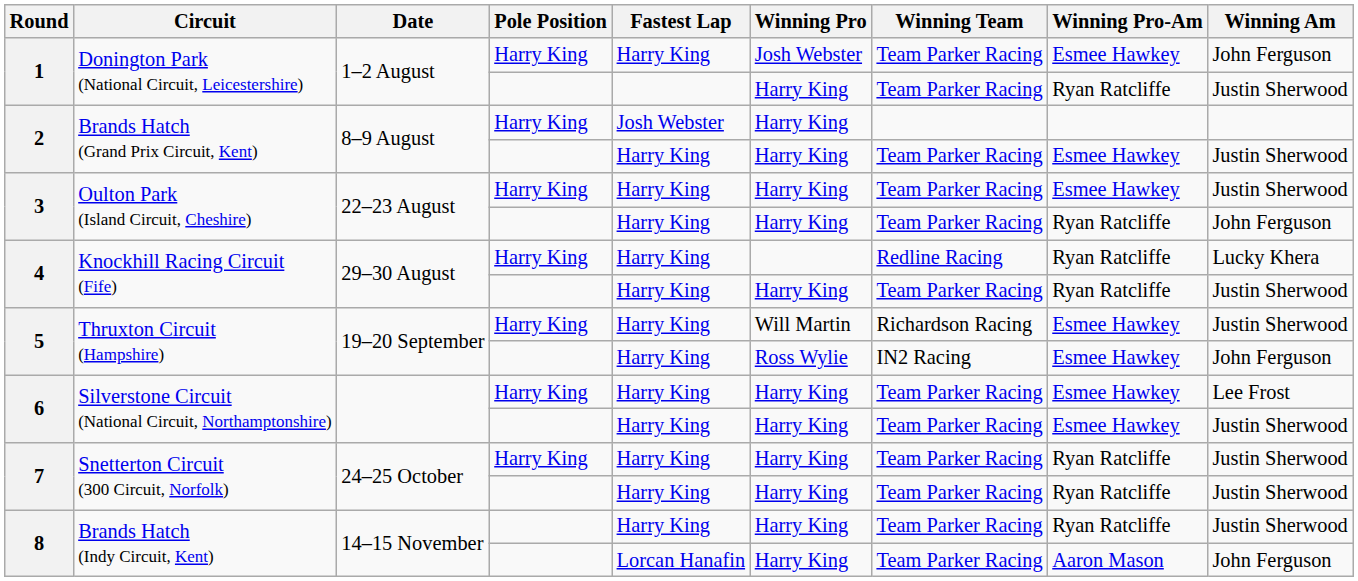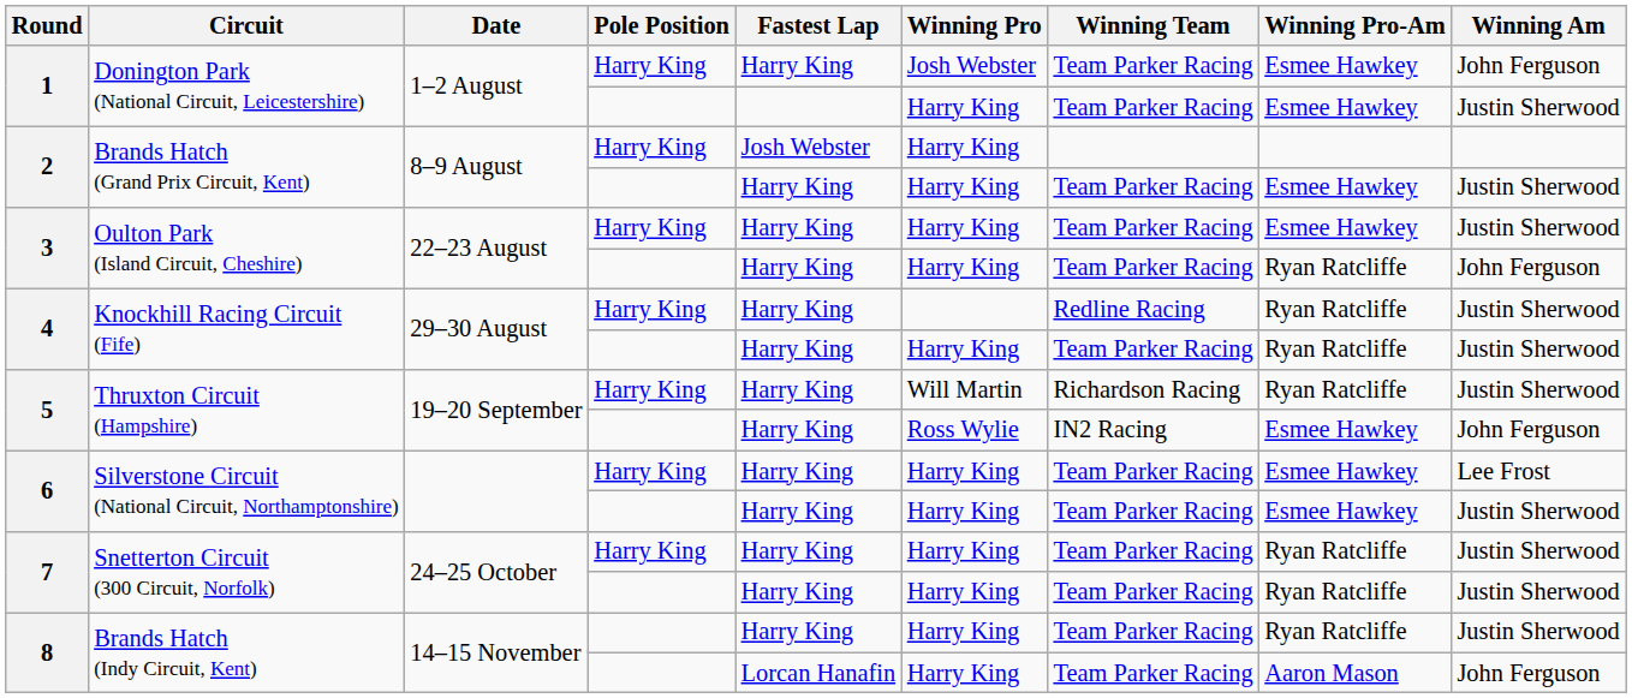 <table class="wikitable" style="font-size: 85%">
 <tr>
 <th>Round</th>
 <th>Circuit</th>
 <th>Date</th>
 <th>Pole Position</th>
 <th>Fastest Lap</th>
 <th>Winning Pro</th>
 <th>Winning Team</th>
 <th>Winning Pro-Am</th>
 <th>Winning Am</th>
 </tr>
 <tr>
 <th rowspan=2>1</th>
 <td rowspan=2><a href='#'>Donington Park</a><br><small>(National Circuit, <a href='#'>Leicestershire</a>)</small></td>
 <td rowspan=2>1–2 August</td>
 <td> <a href='#'>Harry King</a></td>
 <td> <a href='#'>Harry King</a></td>
 <td> <a href='#'>Josh Webster</a></td>
 <td><a href='#'>Team Parker Racing</a></td>
 <td> <a href='#'>Esmee Hawkey</a></td>
 <td> John Ferguson</td>
 </tr>
 <tr>
 <td></td>
 <td></td>
 <td> <a href='#'>Harry King</a></td>
 <td><a href='#'>Team Parker Racing</a></td>
-<td> Ryan Ratcliffe</td>
+<td> <a href='#'>Esmee Hawkey</a></td>
 <td> Justin Sherwood</td>
 </tr>
 <tr>
 <th rowspan=2>2</th>
 <td rowspan=2><a href='#'>Brands Hatch</a><br><small>(Grand Prix Circuit, <a href='#'>Kent</a>)</small></td>
 <td rowspan=2>8–9 August</td>
 <td> <a href='#'>Harry King</a></td>
 <td> <a href='#'>Josh Webster</a></td>
 <td> <a href='#'>Harry King</a></td>
 <td></td>
 <td></td>
 <td></td>
 </tr>
 <tr>
 <td></td>
 <td> <a href='#'>Harry King</a></td>
 <td> <a href='#'>Harry King</a></td>
 <td><a href='#'>Team Parker Racing</a></td>
 <td> <a href='#'>Esmee Hawkey</a></td>
 <td> Justin Sherwood</td>
 </tr>
 <tr>
 <th rowspan=2>3</th>
 <td rowspan=2><a href='#'>Oulton Park</a><br><small>(Island Circuit, <a href='#'>Cheshire</a>)</small></td>
 <td rowspan=2>22–23 August</td>
 <td> <a href='#'>Harry King</a></td>
 <td> <a href='#'>Harry King</a></td>
 <td> <a href='#'>Harry King</a></td>
 <td><a href='#'>Team Parker Racing</a></td>
 <td> <a href='#'>Esmee Hawkey</a></td>
 <td> Justin Sherwood</td>
 </tr>
 <tr>
 <td></td>
 <td> <a href='#'>Harry King</a></td>
 <td> <a href='#'>Harry King</a></td>
 <td><a href='#'>Team Parker Racing</a></td>
 <td> Ryan Ratcliffe</td>
 <td> John Ferguson</td>
 </tr>
 <tr>
 <th rowspan=2>4</th>
 <td rowspan=2><a href='#'>Knockhill Racing Circuit</a><br><small>(<a href='#'>Fife</a>)</small></td>
 <td rowspan=2>29–30 August</td>
 <td> <a href='#'>Harry King</a></td>
 <td> <a href='#'>Harry King</a></td>
 <td></td>
 <td><a href='#'>Redline Racing</a></td>
 <td> Ryan Ratcliffe</td>
-<td> Lucky Khera</td>
+<td> Justin Sherwood</td>
 </tr>
 <tr>
 <td></td>
 <td> <a href='#'>Harry King</a></td>
 <td> <a href='#'>Harry King</a></td>
 <td><a href='#'>Team Parker Racing</a></td>
 <td> Ryan Ratcliffe</td>
 <td> Justin Sherwood</td>
 </tr>
 <tr>
 <th rowspan=2>5</th>
 <td rowspan=2><a href='#'>Thruxton Circuit</a><br><small>(<a href='#'>Hampshire</a>)</small></td>
 <td rowspan=2>19–20 September</td>
 <td> <a href='#'>Harry King</a></td>
 <td> <a href='#'>Harry King</a></td>
 <td> Will Martin</td>
 <td>Richardson Racing</td>
-<td> <a href='#'>Esmee Hawkey</a></td>
+<td> Ryan Ratcliffe</td>
 <td> Justin Sherwood</td>
 </tr>
 <tr>
 <td></td>
 <td> <a href='#'>Harry King</a></td>
 <td> <a href='#'>Ross Wylie</a></td>
 <td>IN2 Racing</td>
 <td> <a href='#'>Esmee Hawkey</a></td>
 <td> John Ferguson</td>
 </tr>
 <tr>
 <th rowspan=2>6</th>
 <td rowspan=2><a href='#'>Silverstone Circuit</a><br><small>(National Circuit, <a href='#'>Northamptonshire</a>)</small></td>
 <td rowspan=2></td>
 <td> <a href='#'>Harry King</a></td>
 <td> <a href='#'>Harry King</a></td>
 <td> <a href='#'>Harry King</a></td>
 <td><a href='#'>Team Parker Racing</a></td>
 <td> <a href='#'>Esmee Hawkey</a></td>
 <td> Lee Frost</td>
 </tr>
 <tr>
 <td></td>
 <td> <a href='#'>Harry King</a></td>
 <td> <a href='#'>Harry King</a></td>
 <td><a href='#'>Team Parker Racing</a></td>
 <td> <a href='#'>Esmee Hawkey</a></td>
 <td> Justin Sherwood</td>
 </tr>
 <tr>
 <th rowspan=2>7</th>
 <td rowspan=2><a href='#'>Snetterton Circuit</a><br><small>(300 Circuit, <a href='#'>Norfolk</a>)</small></td>
 <td rowspan=2>24–25 October</td>
 <td> <a href='#'>Harry King</a></td>
 <td> <a href='#'>Harry King</a></td>
 <td> <a href='#'>Harry King</a></td>
 <td><a href='#'>Team Parker Racing</a></td>
 <td> Ryan Ratcliffe</td>
 <td> Justin Sherwood</td>
 </tr>
 <tr>
 <td></td>
 <td> <a href='#'>Harry King</a></td>
 <td> <a href='#'>Harry King</a></td>
 <td><a href='#'>Team Parker Racing</a></td>
 <td> Ryan Ratcliffe</td>
 <td> Justin Sherwood</td>
 </tr>
 <tr>
 <th rowspan=2>8</th>
 <td rowspan=2><a href='#'>Brands Hatch</a><br><small>(Indy Circuit, <a href='#'>Kent</a>)</small></td>
 <td rowspan=2>14–15 November</td>
 <td></td>
 <td> <a href='#'>Harry King</a></td>
 <td> <a href='#'>Harry King</a></td>
 <td><a href='#'>Team Parker Racing</a></td>
 <td> Ryan Ratcliffe</td>
 <td> Justin Sherwood</td>
 </tr>
 <tr>
 <td></td>
 <td> <a href='#'>Lorcan Hanafin</a></td>
 <td> <a href='#'>Harry King</a></td>
 <td><a href='#'>Team Parker Racing</a></td>
 <td> <a href='#'>Aaron Mason</a></td>
 <td> John Ferguson</td>
 </tr>
 </table>
